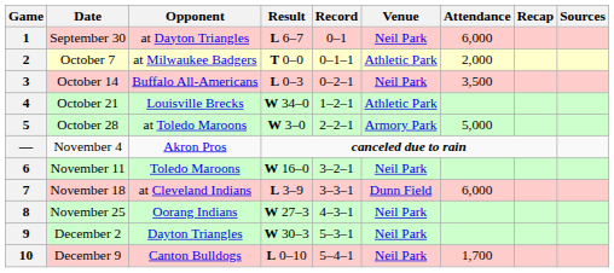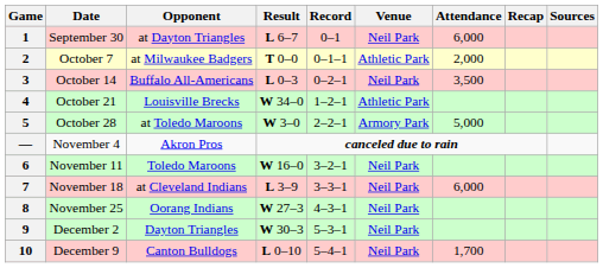 <table class="wikitable" style="text-align:center">
 <tr>
 <th>Game</th>
 <th>Date</th>
 <th>Opponent</th>
 <th>Result</th>
 <th>Record</th>
 <th>Venue</th>
 <th>Attendance</th>
 <th>Recap</th>
 <th>Sources</th>
 </tr>
 <tr style="background:#fcc">
 <th>1</th>
 <td>September 30</td>
 <td>at <a href='#'>Dayton Triangles</a></td>
 <td><strong>L</strong> 6–7</td>
 <td>0–1</td>
 <td><a href='#'>Neil Park</a></td>
 <td>6,000</td>
 <td></td>
 <td></td>
 </tr>
 <tr style="background:#ffc">
 <th>2</th>
 <td>October 7</td>
 <td>at <a href='#'>Milwaukee Badgers</a></td>
 <td><strong>T</strong> 0–0</td>
 <td>0–1–1</td>
 <td><a href='#'>Athletic Park</a></td>
 <td>2,000</td>
 <td></td>
 <td></td>
 </tr>
 <tr style="background:#fcc">
 <th>3</th>
 <td>October 14</td>
 <td><a href='#'>Buffalo All-Americans</a></td>
 <td><strong>L</strong> 0–3</td>
 <td>0–2–1</td>
 <td><a href='#'>Neil Park</a></td>
 <td>3,500</td>
 <td></td>
 <td></td>
 </tr>
 <tr style="background:#cfc">
 <th>4</th>
 <td>October 21</td>
 <td><a href='#'>Louisville Brecks</a></td>
 <td><strong>W</strong> 34–0</td>
 <td>1–2–1</td>
 <td><a href='#'>Athletic Park</a></td>
 <td></td>
 <td></td>
 <td></td>
 </tr>
 <tr style="background:#cfc">
 <th>5</th>
 <td>October 28</td>
 <td>at <a href='#'>Toledo Maroons</a></td>
 <td><strong>W</strong> 3–0</td>
 <td>2–2–1</td>
 <td><a href='#'>Armory Park</a></td>
 <td>5,000</td>
 <td></td>
 <td></td>
 </tr>
 <tr>
 <th>—</th>
 <td>November 4</td>
 <td><a href='#'>Akron Pros</a></td>
 <td colspan="5"><strong><em>canceled due to rain</em></strong></td>
 <td></td>
 </tr>
 <tr style="background:#cfc">
 <th>6</th>
 <td>November 11</td>
 <td><a href='#'>Toledo Maroons</a></td>
 <td><strong>W</strong> 16–0</td>
 <td>3–2–1</td>
 <td><a href='#'>Neil Park</a></td>
 <td></td>
 <td></td>
 <td></td>
 </tr>
 <tr style="background:#fcc">
 <th>7</th>
 <td>November 18</td>
 <td>at <a href='#'>Cleveland Indians</a></td>
 <td><strong>L</strong> 3–9</td>
 <td>3–3–1</td>
-<td><a href='#'>Dunn Field</a></td>
+<td><a href='#'>Neil Park</a></td>
 <td>6,000</td>
 <td></td>
 <td></td>
 </tr>
 <tr style="background:#cfc">
 <th>8</th>
 <td>November 25</td>
 <td><a href='#'>Oorang Indians</a></td>
 <td><strong>W</strong> 27–3</td>
 <td>4–3–1</td>
 <td><a href='#'>Neil Park</a></td>
 <td></td>
 <td></td>
 <td></td>
 </tr>
 <tr style="background:#cfc">
 <th>9</th>
 <td>December 2</td>
 <td><a href='#'>Dayton Triangles</a></td>
 <td><strong>W</strong> 30–3</td>
 <td>5–3–1</td>
 <td><a href='#'>Neil Park</a></td>
 <td></td>
 <td></td>
 <td></td>
 </tr>
 <tr style="background:#fcc">
 <th>10</th>
 <td>December 9</td>
 <td><a href='#'>Canton Bulldogs</a></td>
 <td><strong>L</strong> 0–10</td>
 <td>5–4–1</td>
 <td><a href='#'>Neil Park</a></td>
 <td>1,700</td>
 <td></td>
 <td></td>
 </tr>
 </table>
